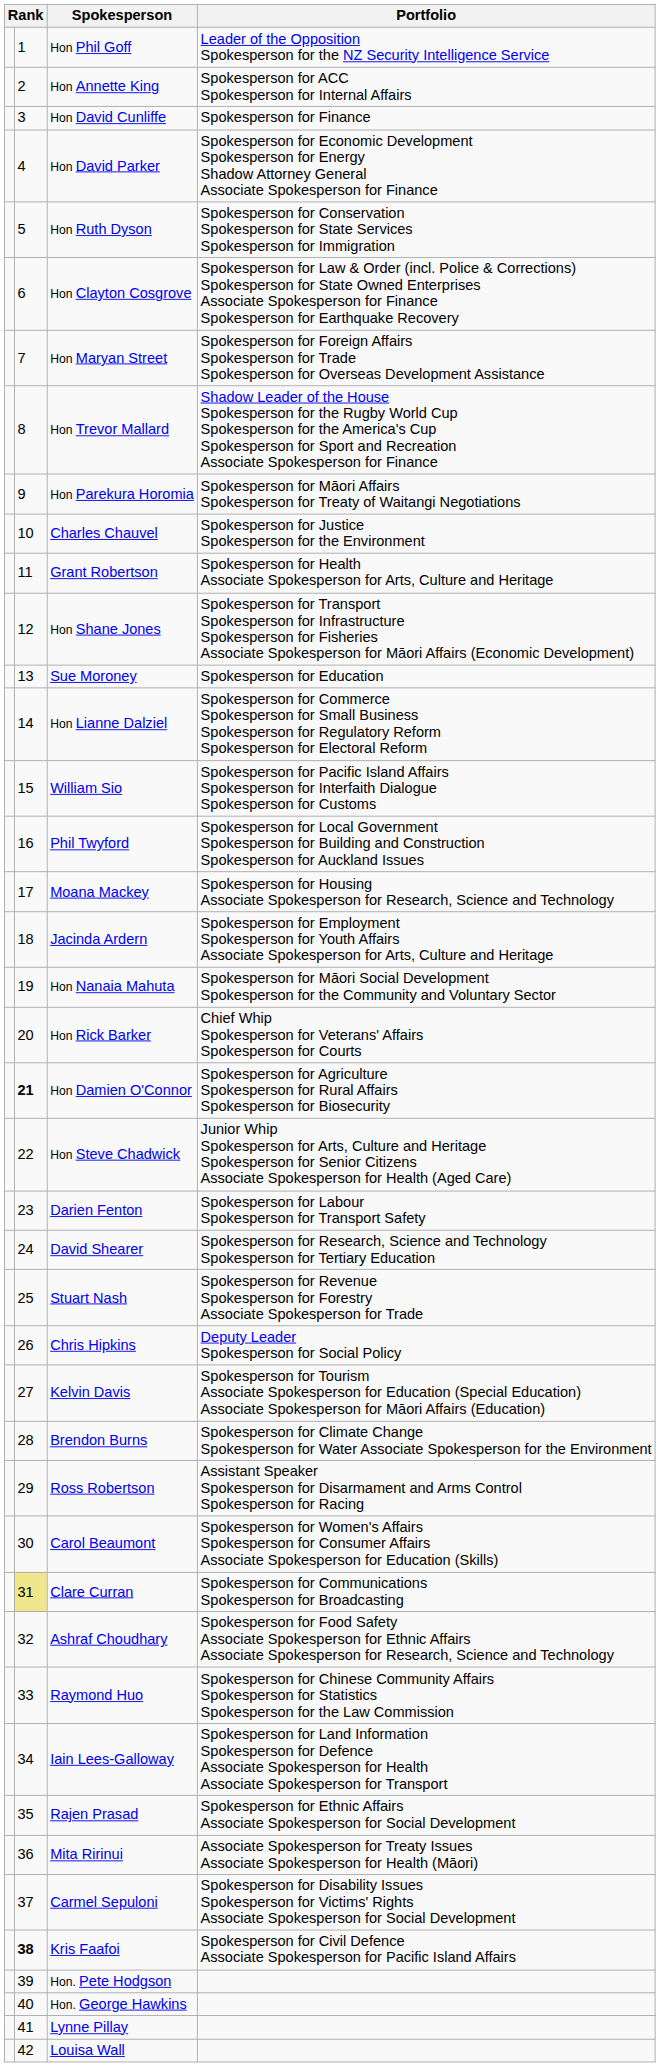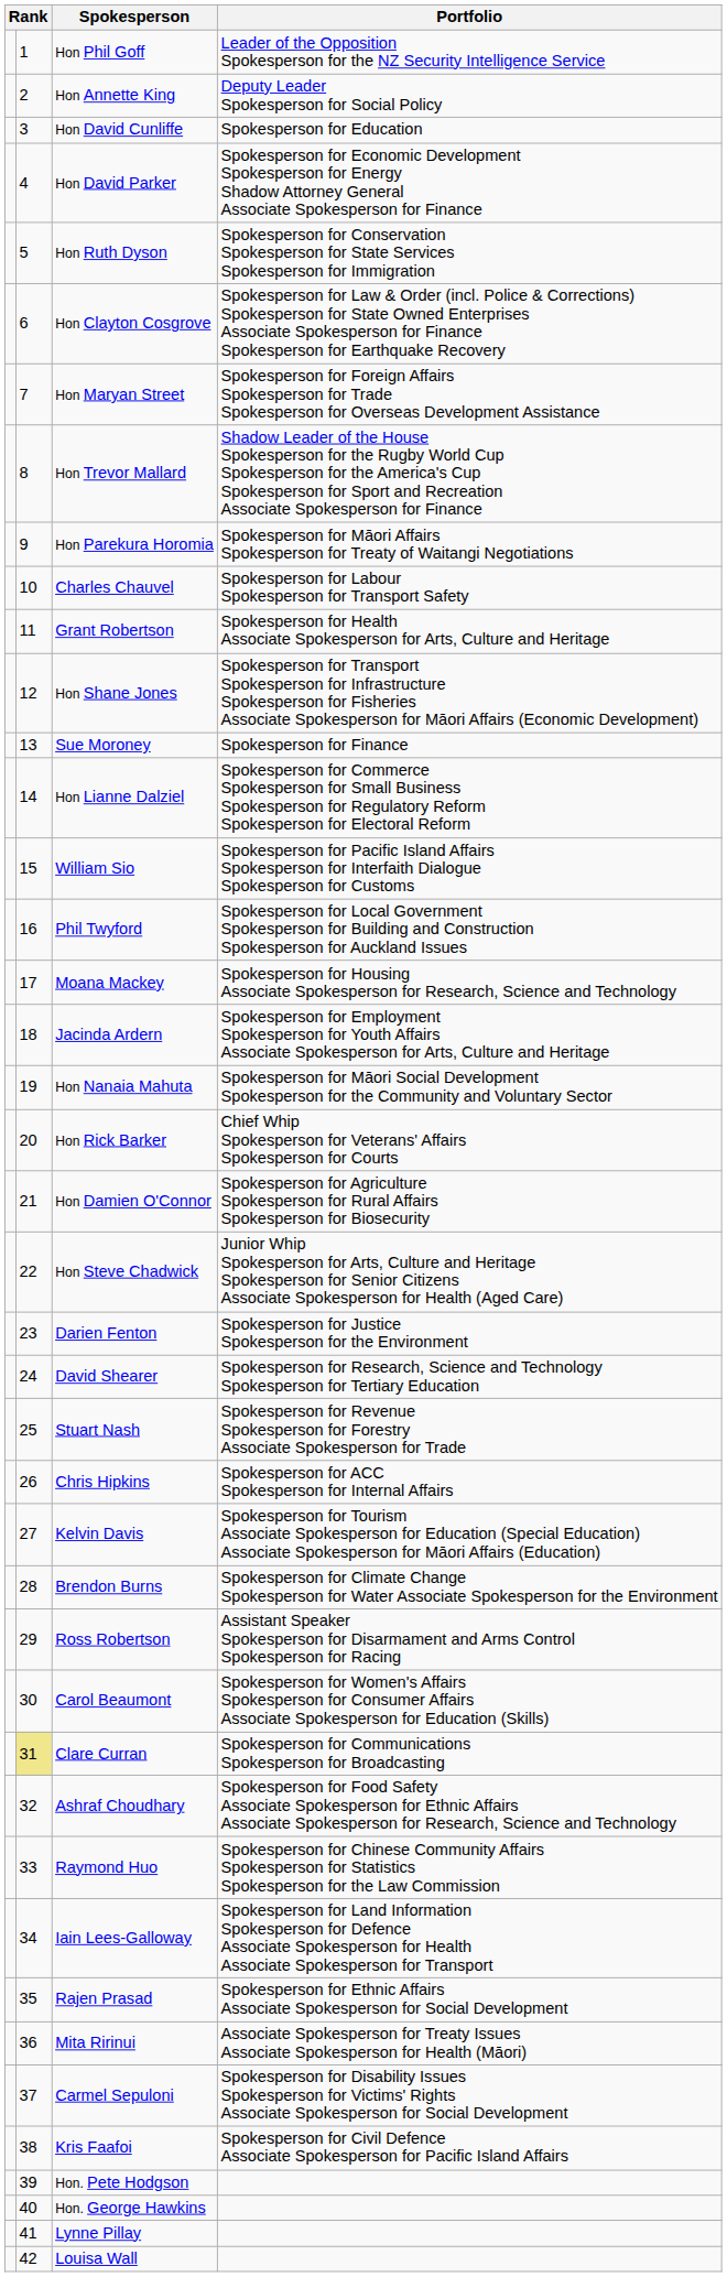 <table class="wikitable">
 <tr>
 <th colspan="2">Rank</th>
 <th>Spokesperson</th>
 <th>Portfolio</th>
 </tr>
 <tr>
 <td bgcolor=></td>
 <td>1</td>
 <td><small>Hon </small><a href='#'>Phil Goff</a></td>
 <td><a href='#'>Leader of the Opposition</a><br>Spokesperson for the <a href='#'>NZ Security Intelligence Service</a></td>
 </tr>
 <tr>
 <td bgcolor=></td>
 <td>2</td>
 <td><small>Hon </small><a href='#'>Annette King</a></td>
-<td>Spokesperson for ACC<br>Spokesperson for Internal Affairs</td>
+<td><a href='#'>Deputy Leader</a><br>Spokesperson for Social Policy</td>
 </tr>
 <tr>
 <td bgcolor=></td>
 <td>3</td>
 <td><small>Hon </small><a href='#'>David Cunliffe</a></td>
-<td>Spokesperson for Finance</td>
+<td>Spokesperson for Education</td>
 </tr>
 <tr>
 <td bgcolor=></td>
 <td>4</td>
 <td><small>Hon </small><a href='#'>David Parker</a></td>
 <td>Spokesperson for Economic Development<br>Spokesperson for Energy<br>Shadow Attorney General<br>Associate Spokesperson for Finance</td>
 </tr>
 <tr>
 <td bgcolor=></td>
 <td>5</td>
 <td><small>Hon </small><a href='#'>Ruth Dyson</a></td>
 <td>Spokesperson for Conservation<br>Spokesperson for State Services<br>Spokesperson for Immigration</td>
 </tr>
 <tr>
 <td bgcolor=></td>
 <td>6</td>
 <td><small>Hon </small><a href='#'>Clayton Cosgrove</a></td>
 <td>Spokesperson for Law & Order (incl. Police & Corrections)<br>Spokesperson for State Owned Enterprises<br>Associate Spokesperson for Finance<br>Spokesperson for Earthquake Recovery</td>
 </tr>
 <tr>
 <td bgcolor=></td>
 <td>7</td>
 <td><small>Hon </small><a href='#'>Maryan Street</a></td>
 <td>Spokesperson for Foreign Affairs<br>Spokesperson for Trade<br>Spokesperson for Overseas Development Assistance</td>
 </tr>
 <tr>
 <td bgcolor=></td>
 <td>8</td>
 <td><small>Hon </small><a href='#'>Trevor Mallard</a></td>
 <td><a href='#'>Shadow Leader of the House</a><br>Spokesperson for the Rugby World Cup<br>Spokesperson for the America's Cup<br>Spokesperson for Sport and Recreation<br>Associate Spokesperson for Finance</td>
 </tr>
 <tr>
 <td bgcolor=></td>
 <td>9</td>
 <td><small>Hon </small><a href='#'>Parekura Horomia</a></td>
 <td>Spokesperson for Māori Affairs<br>Spokesperson for Treaty of Waitangi Negotiations</td>
 </tr>
 <tr>
 <td bgcolor=></td>
 <td>10</td>
 <td><a href='#'>Charles Chauvel</a></td>
-<td>Spokesperson for Justice<br>Spokesperson for the Environment</td>
+<td>Spokesperson for Labour<br>Spokesperson for Transport Safety</td>
 </tr>
 <tr>
 <td bgcolor=></td>
 <td>11</td>
 <td><a href='#'>Grant Robertson</a></td>
 <td>Spokesperson for Health<br>Associate Spokesperson for Arts, Culture and Heritage</td>
 </tr>
 <tr>
 <td bgcolor=></td>
 <td>12</td>
 <td><small>Hon </small><a href='#'>Shane Jones</a></td>
 <td>Spokesperson for Transport<br>Spokesperson for Infrastructure<br>Spokesperson for Fisheries<br>Associate Spokesperson for Māori Affairs (Economic Development)</td>
 </tr>
 <tr>
 <td bgcolor=></td>
 <td>13</td>
 <td><a href='#'>Sue Moroney</a></td>
-<td>Spokesperson for Education</td>
+<td>Spokesperson for Finance</td>
 </tr>
 <tr>
 <td bgcolor=></td>
 <td>14</td>
 <td><small>Hon </small><a href='#'>Lianne Dalziel</a></td>
 <td>Spokesperson for Commerce<br>Spokesperson for Small Business<br>Spokesperson for Regulatory Reform<br>Spokesperson for Electoral Reform</td>
 </tr>
 <tr>
 <td bgcolor=></td>
 <td>15</td>
 <td><a href='#'>William Sio</a></td>
 <td>Spokesperson for Pacific Island Affairs<br>Spokesperson for Interfaith Dialogue<br>Spokesperson for Customs</td>
 </tr>
 <tr>
 <td bgcolor=></td>
 <td>16</td>
 <td><a href='#'>Phil Twyford</a></td>
 <td>Spokesperson for Local Government<br>Spokesperson for Building and Construction<br>Spokesperson for Auckland Issues</td>
 </tr>
 <tr>
 <td></td>
 <td>17</td>
 <td><a href='#'>Moana Mackey</a></td>
 <td>Spokesperson for Housing<br>Associate Spokesperson for Research, Science and Technology</td>
 </tr>
 <tr>
 <td></td>
 <td>18</td>
 <td><a href='#'>Jacinda Ardern</a></td>
 <td>Spokesperson for Employment<br>Spokesperson for Youth Affairs<br>Associate Spokesperson for Arts, Culture and Heritage</td>
 </tr>
 <tr>
 <td></td>
 <td>19</td>
 <td><small>Hon </small><a href='#'>Nanaia Mahuta</a></td>
 <td>Spokesperson for Māori Social Development<br>Spokesperson for the Community and Voluntary Sector</td>
 </tr>
 <tr>
 <td></td>
 <td>20</td>
 <td><small>Hon </small><a href='#'>Rick Barker</a></td>
 <td>Chief Whip<br>Spokesperson for Veterans' Affairs<br>Spokesperson for Courts</td>
 </tr>
 <tr>
 <td></td>
-<td><strong>21</strong></td>
+<td>21</td>
 <td><small>Hon </small><a href='#'>Damien O'Connor</a></td>
 <td>Spokesperson for Agriculture<br>Spokesperson for Rural Affairs<br>Spokesperson for Biosecurity</td>
 </tr>
 <tr>
 <td></td>
 <td>22</td>
 <td><small>Hon </small><a href='#'>Steve Chadwick</a></td>
 <td>Junior Whip<br>Spokesperson for Arts, Culture and Heritage<br>Spokesperson for Senior Citizens<br>Associate Spokesperson for Health (Aged Care)</td>
 </tr>
 <tr>
 <td></td>
 <td>23</td>
 <td><a href='#'>Darien Fenton</a></td>
-<td>Spokesperson for Labour<br>Spokesperson for Transport Safety</td>
+<td>Spokesperson for Justice<br>Spokesperson for the Environment</td>
 </tr>
 <tr>
 <td></td>
 <td>24</td>
 <td><a href='#'>David Shearer</a></td>
 <td>Spokesperson for Research, Science and Technology<br>Spokesperson for Tertiary Education</td>
 </tr>
 <tr>
 <td></td>
 <td>25</td>
 <td><a href='#'>Stuart Nash</a></td>
 <td>Spokesperson for Revenue<br>Spokesperson for Forestry<br>Associate Spokesperson for Trade</td>
 </tr>
 <tr>
 <td></td>
 <td>26</td>
 <td><a href='#'>Chris Hipkins</a></td>
-<td><a href='#'>Deputy Leader</a><br>Spokesperson for Social Policy</td>
+<td>Spokesperson for ACC<br>Spokesperson for Internal Affairs</td>
 </tr>
 <tr>
 <td></td>
 <td>27</td>
 <td><a href='#'>Kelvin Davis</a></td>
 <td>Spokesperson for Tourism<br>Associate Spokesperson for Education (Special Education) <br>Associate Spokesperson for Māori Affairs (Education)</td>
 </tr>
 <tr>
 <td></td>
 <td>28</td>
 <td><a href='#'>Brendon Burns</a></td>
 <td>Spokesperson for Climate Change<br>Spokesperson for Water Associate Spokesperson for the Environment</td>
 </tr>
 <tr>
 <td></td>
 <td>29</td>
 <td><a href='#'>Ross Robertson</a></td>
 <td>Assistant Speaker<br>Spokesperson for Disarmament and Arms Control<br>Spokesperson for Racing</td>
 </tr>
 <tr>
 <td></td>
 <td>30</td>
 <td><a href='#'>Carol Beaumont</a></td>
 <td>Spokesperson for Women's Affairs<br>Spokesperson for Consumer Affairs<br>Associate Spokesperson for Education (Skills)</td>
 </tr>
 <tr>
 <td></td>
 <td style="background: khaki;">31</td>
 <td><a href='#'>Clare Curran</a></td>
 <td>Spokesperson for Communications<br>Spokesperson for Broadcasting</td>
 </tr>
 <tr>
 <td></td>
 <td>32</td>
 <td><a href='#'>Ashraf Choudhary</a></td>
 <td>Spokesperson for Food Safety<br>Associate Spokesperson for Ethnic Affairs<br>Associate Spokesperson for Research, Science and Technology</td>
 </tr>
 <tr>
 <td></td>
 <td>33</td>
 <td><a href='#'>Raymond Huo</a></td>
 <td>Spokesperson for Chinese Community Affairs<br>Spokesperson for Statistics<br>Spokesperson for the Law Commission</td>
 </tr>
 <tr>
 <td></td>
 <td>34</td>
 <td><a href='#'>Iain Lees-Galloway</a></td>
 <td>Spokesperson for Land Information<br>Spokesperson for Defence<br>Associate Spokesperson for Health<br>Associate Spokesperson for Transport</td>
 </tr>
 <tr>
 <td></td>
 <td>35</td>
 <td><a href='#'>Rajen Prasad</a></td>
 <td>Spokesperson for Ethnic Affairs<br>Associate Spokesperson for Social Development</td>
 </tr>
 <tr>
 <td></td>
 <td>36</td>
 <td><a href='#'>Mita Ririnui</a></td>
 <td>Associate Spokesperson for Treaty Issues<br>Associate Spokesperson for Health (Māori)</td>
 </tr>
 <tr>
 <td></td>
 <td>37</td>
 <td><a href='#'>Carmel Sepuloni</a></td>
 <td>Spokesperson for Disability Issues<br>Spokesperson for Victims' Rights<br>Associate Spokesperson for Social Development</td>
 </tr>
 <tr>
 <td></td>
-<td><strong>38</strong></td>
+<td>38</td>
 <td><a href='#'>Kris Faafoi</a></td>
 <td>Spokesperson for Civil Defence<br>Associate Spokesperson for Pacific Island Affairs</td>
 </tr>
 <tr>
 <td></td>
 <td>39</td>
 <td><small>Hon. </small><a href='#'>Pete Hodgson</a></td>
 <td></td>
 </tr>
 <tr>
 <td></td>
 <td>40</td>
 <td><small>Hon. </small><a href='#'>George Hawkins</a></td>
 <td></td>
 </tr>
 <tr>
 <td></td>
 <td>41</td>
 <td><a href='#'>Lynne Pillay</a></td>
 <td></td>
 </tr>
 <tr>
 <td></td>
 <td>42</td>
 <td><a href='#'>Louisa Wall</a></td>
 <td></td>
 </tr>
 </table>
